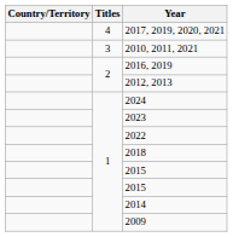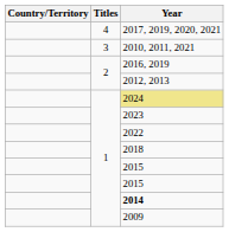 <table class="wikitable sortable" style="font-size: 85%;">
 <tr>
 <th>Country/Territory</th>
 <th>Titles</th>
 <th>Year</th>
 </tr>
 <tr>
 <td></td>
 <td rowspan="1" style="text-align:center;">4</td>
 <td>2017, 2019, 2020, 2021</td>
 </tr>
 <tr>
 <td></td>
 <td style="text-align:center;">3</td>
 <td>2010, 2011, 2021</td>
 </tr>
 <tr>
 <td></td>
 <td rowspan="2" style="text-align:center;">2</td>
 <td>2016, 2019</td>
 </tr>
 <tr>
 <td></td>
 <td>2012, 2013</td>
 </tr>
 <tr>
 <td></td>
 <td rowspan="8" style="text-align:center;">1</td>
-<td>2024</td>
+<td style="background: khaki;">2024</td>
 </tr>
 <tr>
 <td></td>
 <td>2023</td>
 </tr>
 <tr>
 <td></td>
 <td>2022</td>
 </tr>
 <tr>
 <td></td>
 <td>2018</td>
 </tr>
 <tr>
 <td></td>
 <td>2015</td>
 </tr>
 <tr>
 <td></td>
 <td>2015</td>
 </tr>
 <tr>
 <td></td>
-<td>2014</td>
+<td><strong>2014</strong></td>
 </tr>
 <tr>
 <td></td>
 <td>2009</td>
 </tr>
 </table>
